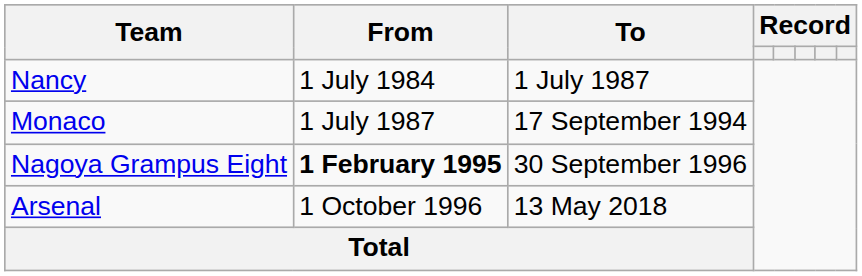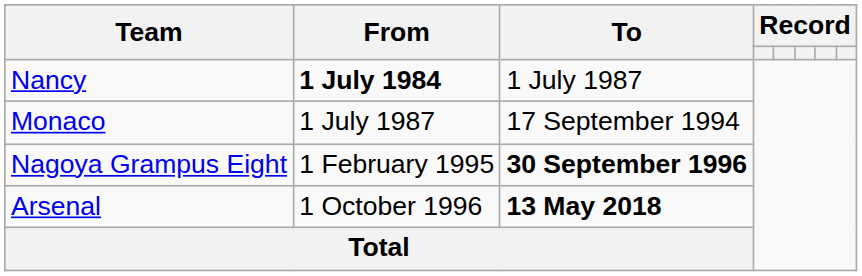 <table class=wikitable style=text-align:center>
 <tr>
 <th rowspan=2>Team</th>
 <th rowspan=2>From</th>
 <th rowspan=2>To</th>
 <th colspan=5>Record</th>
 </tr>
 <tr>
 <th></th>
 <th></th>
 <th></th>
 <th></th>
 <th></th>
 </tr>
 <tr>
 <td align=left><a href='#'>Nancy</a></td>
-<td align=left>1 July 1984</td>
+<td align=left><strong>1 July 1984</strong></td>
 <td align=left>1 July 1987<br></td>
 </tr>
 <tr>
 <td align=left><a href='#'>Monaco</a></td>
 <td align=left>1 July 1987</td>
 <td align=left>17 September 1994<br></td>
 </tr>
 <tr>
 <td align=left><a href='#'>Nagoya Grampus Eight</a></td>
-<td align=left><strong>1 February 1995</strong></td>
-<td align=left>30 September 1996<br></td>
+<td align=left>1 February 1995</td>
+<td align=left><strong>30 September 1996<br></strong></td>
 </tr>
 <tr>
 <td align=left><a href='#'>Arsenal</a></td>
 <td align=left>1 October 1996</td>
-<td align=left>13 May 2018<br></td>
+<td align=left><strong>13 May 2018<br></strong></td>
 </tr>
 <tr>
 <th colspan="3">Total<br></th>
 </tr>
 </table>
